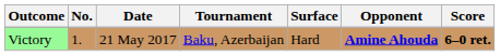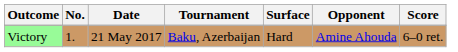 <table class=wikitable style=font-size:100%>
 <tr>
 <th>Outcome</th>
 <th>No.</th>
 <th>Date</th>
 <th>Tournament</th>
 <th>Surface</th>
 <th>Opponent</th>
 <th>Score</th>
 </tr>
 <tr>
 </tr>
 <tr bgcolor="cc9966">
 <td bgcolor=98FB98>Victory</td>
 <td>1.</td>
 <td>21 May 2017</td>
 <td><a href='#'>Baku</a>, Azerbaijan</td>
 <td>Hard</td>
-<td><strong> <a href='#'>Amine Ahouda</a></strong></td>
-<td><strong>6–0 ret.</strong></td>
+<td> <a href='#'>Amine Ahouda</a></td>
+<td>6–0 ret.</td>
 </tr>
 </table>
